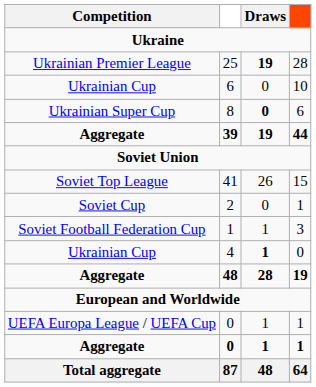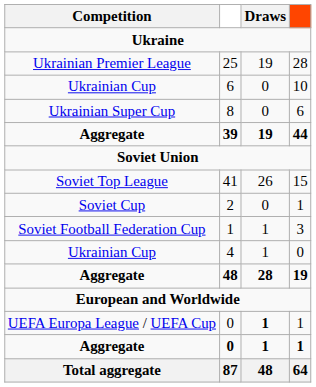 <table class="wikitable" style="width:auto; margin:auto;">
 <tr>
 <th>Competition</th>
 <th style="background:white"><a href='#'></a></th>
 <th>Draws</th>
 <th style="background:orangered"><a href='#'></a></th>
 </tr>
 <tr style="text-align:center;">
 <td colspan="4"><strong>Ukraine</strong></td>
 </tr>
 <tr style="text-align:center;">
 <td><a href='#'>Ukrainian Premier League</a></td>
 <td>25</td>
-<td><strong>19</strong></td>
+<td>19</td>
 <td>28</td>
 </tr>
 <tr style="text-align:center;">
 <td><a href='#'>Ukrainian Cup</a></td>
 <td>6</td>
 <td>0</td>
 <td>10</td>
 </tr>
 <tr style="text-align:center;">
 <td><a href='#'>Ukrainian Super Cup</a></td>
 <td>8</td>
-<td><strong>0</strong></td>
+<td>0</td>
 <td>6</td>
 </tr>
 <tr align="center">
 <td><strong>Aggregate</strong></td>
 <td><strong>39</strong></td>
 <td><strong>19</strong></td>
 <td><strong>44</strong></td>
 </tr>
 <tr style="text-align:center;">
 <td colspan="5"><strong>Soviet Union</strong></td>
 </tr>
 <tr style="text-align:center;">
 <td><a href='#'>Soviet Top League</a></td>
 <td>41</td>
 <td>26</td>
 <td>15</td>
 </tr>
 <tr style="text-align:center;">
 <td><a href='#'>Soviet Cup</a></td>
 <td>2</td>
 <td>0</td>
 <td>1</td>
 </tr>
 <tr style="text-align:center;">
 <td><a href='#'>Soviet Football Federation Cup</a></td>
 <td>1</td>
 <td>1</td>
 <td>3</td>
 </tr>
 <tr style="text-align:center;">
 <td><a href='#'>Ukrainian Cup</a></td>
 <td>4</td>
-<td><strong>1</strong></td>
+<td>1</td>
 <td>0</td>
 </tr>
 <tr align="center">
 <td><strong>Aggregate</strong></td>
 <td><strong>48</strong></td>
 <td><strong>28</strong></td>
 <td><strong>19</strong></td>
 </tr>
 <tr style="text-align:center;">
 <td colspan="5"><strong>European and Worldwide</strong></td>
 </tr>
 <tr style="text-align:center;">
 <td><a href='#'>UEFA Europa League</a> / <a href='#'>UEFA Cup</a></td>
 <td>0</td>
-<td>1</td>
+<td><strong>1</strong></td>
 <td>1</td>
 </tr>
 <tr align="center">
 <td><strong>Aggregate</strong></td>
 <td><strong>0</strong></td>
 <td><strong>1</strong></td>
 <td><strong>1</strong></td>
 </tr>
 <tr align="center">
 <th><strong>Total aggregate</strong></th>
 <th><strong>87</strong></th>
 <th><strong>48</strong></th>
 <th><strong>64</strong></th>
 </tr>
 </table>
